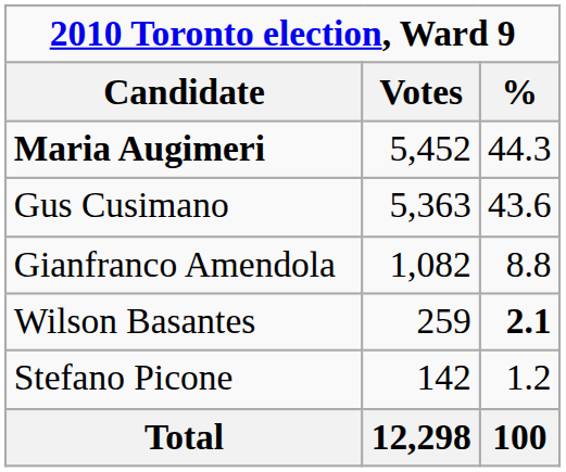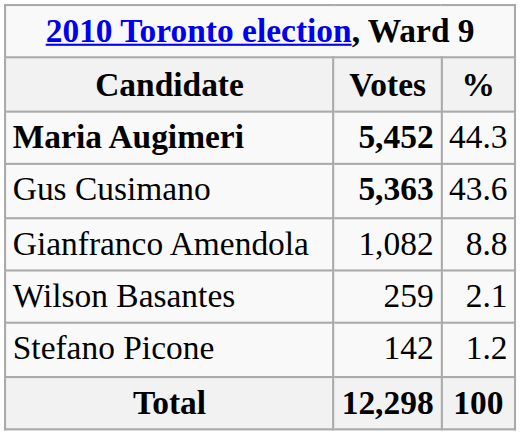 <table class="wikitable">
 <tr>
 <td Colspan="3" align="center"><strong><a href='#'>2010 Toronto election</a>, Ward 9</strong></td>
 </tr>
 <tr>
 <th bgcolor="#DDDDFF" width="150px">Candidate</th>
 <th bgcolor="#DDDDFF">Votes</th>
 <th bgcolor="#DDDDFF">%</th>
 </tr>
 <tr>
 <td><strong>Maria Augimeri</strong></td>
-<td align=right>5,452</td>
+<td align=right><strong>5,452</strong></td>
 <td align=right>44.3</td>
 </tr>
 <tr>
 <td>Gus Cusimano</td>
-<td align=right>5,363</td>
+<td align=right><strong>5,363</strong></td>
 <td align=right>43.6</td>
 </tr>
 <tr>
 <td>Gianfranco Amendola</td>
 <td align=right>1,082</td>
 <td align=right>8.8</td>
 </tr>
 <tr>
 <td>Wilson Basantes</td>
 <td align=right>259</td>
-<td align=right><strong>2.1</strong></td>
+<td align=right>2.1</td>
 </tr>
 <tr>
 <td>Stefano Picone</td>
 <td align=right>142</td>
 <td align=right>1.2</td>
 </tr>
 <tr>
 <th>Total</th>
 <th align=right>12,298</th>
 <th align=right>100</th>
 </tr>
 </table>
